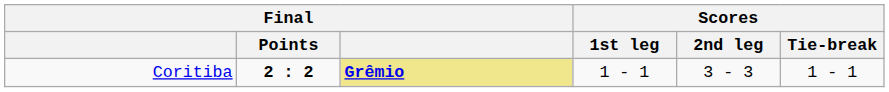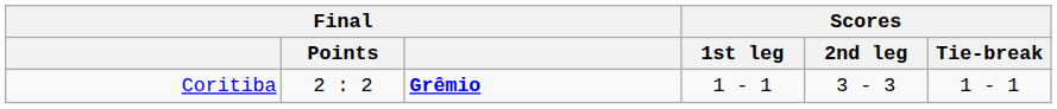 <table class="wikitable" style="text-align:center;">
 <tr>
 <th colspan=3>Final</th>
 <th colspan=3>Scores</th>
 </tr>
 <tr>
 <th width="175"></th>
 <th width="75">Points</th>
 <th width="175"></th>
 <th width="75">1st leg</th>
 <th width="75">2nd leg</th>
 <th width="75">Tie-break</th>
 </tr>
 <tr>
 <td align=right><a href='#'>Coritiba</a></td>
-<td><strong>2 : 2</strong></td>
-<td align=left style="background: khaki;"><strong><a href='#'>Grêmio</a></strong></td>
+<td>2 : 2</td>
+<td align=left><strong><a href='#'>Grêmio</a></strong></td>
 <td>1 - 1</td>
 <td>3 - 3</td>
 <td>1 - 1</td>
 </tr>
 </table>
